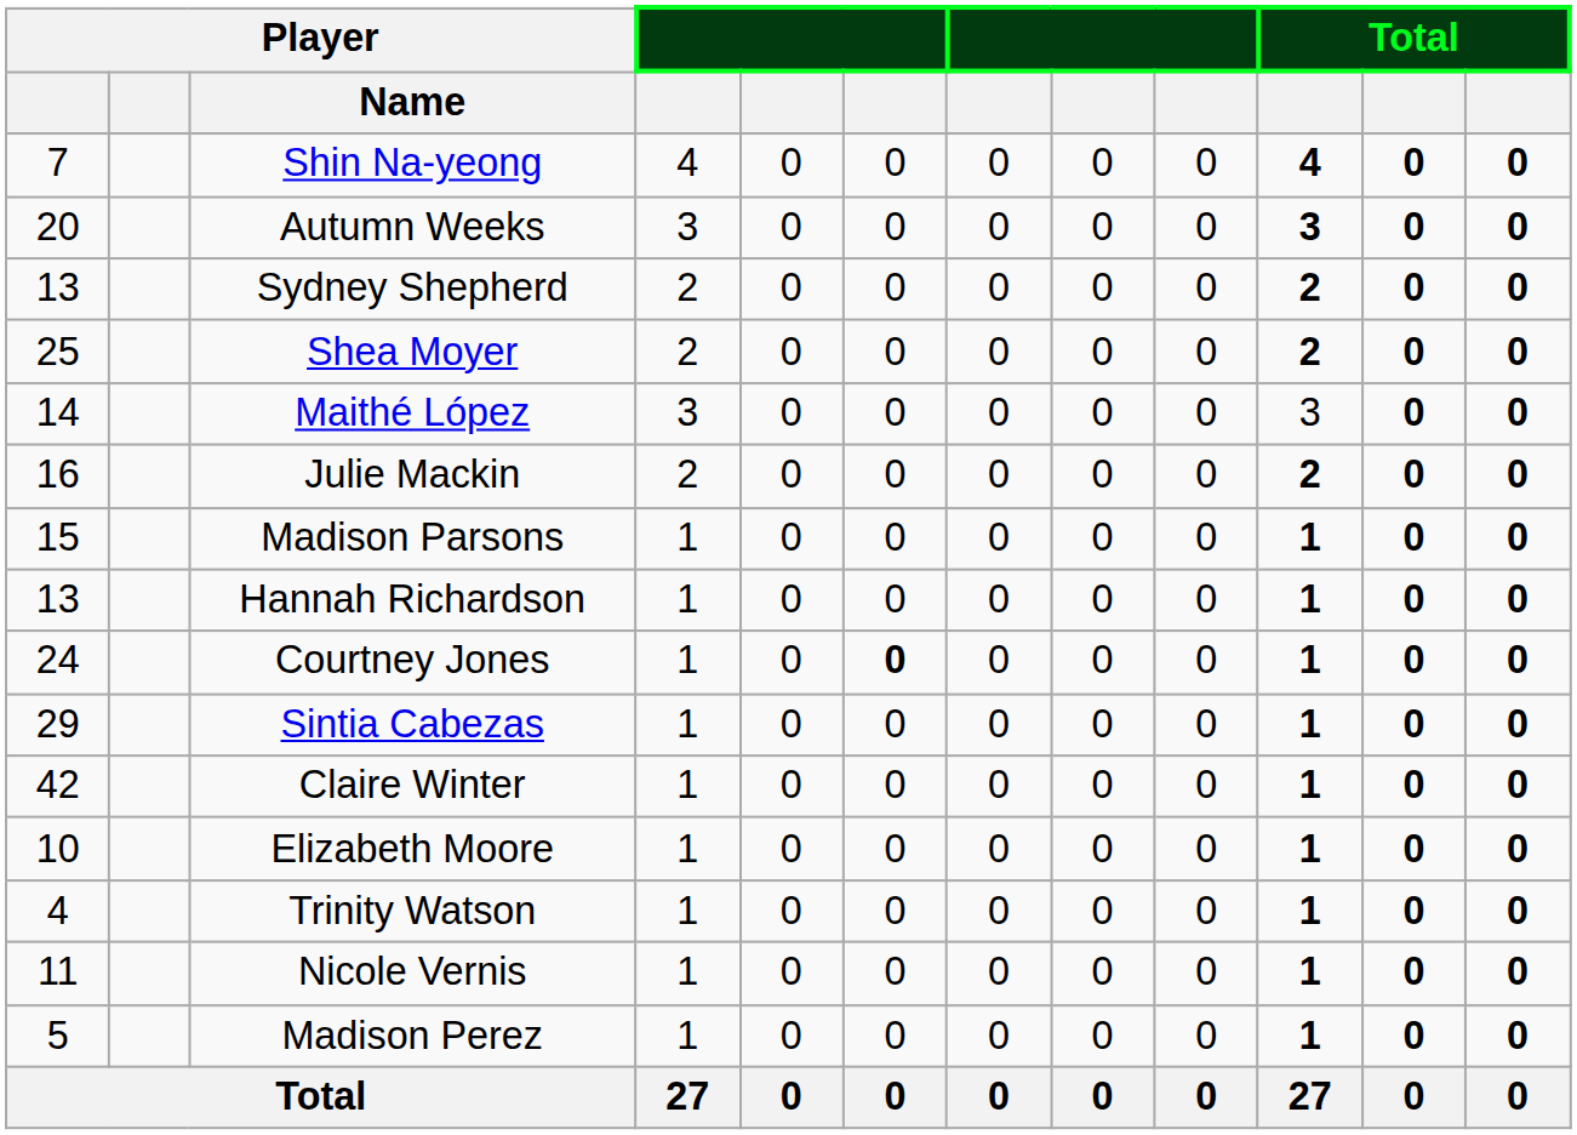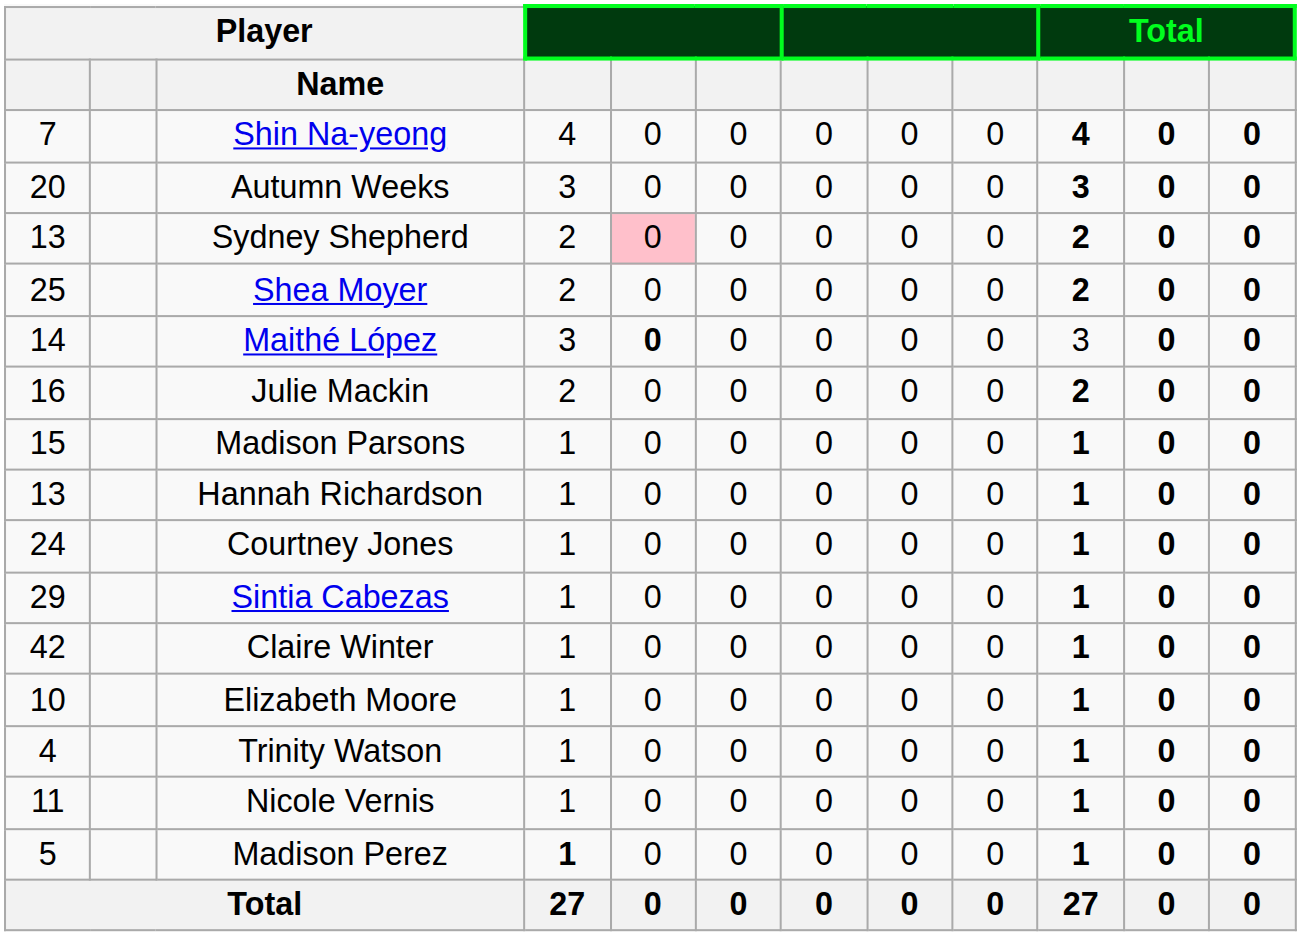 <table class="wikitable sortable" style="text-align:center;">
 <tr>
 <th colspan="3">Player</th>
 <th colspan="3" style="background:#003a0e; color:#00FE1E; border:2px solid #00FE1E; width:75px;" scope="colgroup"></th>
 <th colspan="3" style="background:#003a0e; color:#00FE1E; border:2px solid #00FE1E; width:75px;" scope="colgroup"></th>
 <th colspan="3" style="background:#003a0e; color:#00FE1E; border:2px solid #00FE1E; width:75px;" scope="colgroup">Total</th>
 </tr>
 <tr>
 <th style="width:35px;" scope="col"></th>
 <th style="width:25px;" scope="col"></th>
 <th style="width:175px;" scope="col">Name</th>
 <th style="width:35px;" scope="col"></th>
 <th style="width:35px;" scope="col"></th>
 <th style="width:35px;" scope="col"></th>
 <th style="width:35px;" scope="col"></th>
 <th style="width:35px;" scope="col"></th>
 <th style="width:35px;" scope="col"></th>
 <th style="width:35px;" scope="col"></th>
 <th style="width:35px;" scope="col"></th>
 <th style="width:35px;" scope="col"></th>
 </tr>
 <tr>
 <td>7</td>
 <td></td>
 <td><a href='#'>Shin Na-yeong</a></td>
 <td>4</td>
 <td>0</td>
 <td>0</td>
 <td>0</td>
 <td>0</td>
 <td>0</td>
 <td><strong>4</strong></td>
 <td><strong>0</strong></td>
 <td><strong>0</strong></td>
 </tr>
 <tr>
 <td>20</td>
 <td></td>
 <td>Autumn Weeks</td>
 <td>3</td>
 <td>0</td>
 <td>0</td>
 <td>0</td>
 <td>0</td>
 <td>0</td>
 <td><strong>3</strong></td>
 <td><strong>0</strong></td>
 <td><strong>0</strong></td>
 </tr>
 <tr>
 <td>13</td>
 <td></td>
 <td>Sydney Shepherd</td>
 <td>2</td>
-<td>0</td>
+<td style="background: pink;">0</td>
 <td>0</td>
 <td>0</td>
 <td>0</td>
 <td>0</td>
 <td><strong>2</strong></td>
 <td><strong>0</strong></td>
 <td><strong>0</strong></td>
 </tr>
 <tr>
 <td>25</td>
 <td></td>
 <td><a href='#'>Shea Moyer</a></td>
 <td>2</td>
 <td>0</td>
 <td>0</td>
 <td>0</td>
 <td>0</td>
 <td>0</td>
 <td><strong>2</strong></td>
 <td><strong>0</strong></td>
 <td><strong>0</strong></td>
 </tr>
 <tr>
 <td>14</td>
 <td></td>
 <td><a href='#'>Maithé López</a></td>
 <td>3</td>
-<td>0</td>
+<td><strong>0</strong></td>
 <td>0</td>
 <td>0</td>
 <td>0</td>
 <td>0</td>
 <td>3</td>
 <td><strong>0</strong></td>
 <td><strong>0</strong></td>
 </tr>
 <tr>
 <td>16</td>
 <td></td>
 <td>Julie Mackin</td>
 <td>2</td>
 <td>0</td>
 <td>0</td>
 <td>0</td>
 <td>0</td>
 <td>0</td>
 <td><strong>2</strong></td>
 <td><strong>0</strong></td>
 <td><strong>0</strong></td>
 </tr>
 <tr>
 <td>15</td>
 <td></td>
 <td>Madison Parsons</td>
 <td>1</td>
 <td>0</td>
 <td>0</td>
 <td>0</td>
 <td>0</td>
 <td>0</td>
 <td><strong>1</strong></td>
 <td><strong>0</strong></td>
 <td><strong>0</strong></td>
 </tr>
 <tr>
 <td>13</td>
 <td></td>
 <td>Hannah Richardson</td>
 <td>1</td>
 <td>0</td>
 <td>0</td>
 <td>0</td>
 <td>0</td>
 <td>0</td>
 <td><strong>1</strong></td>
 <td><strong>0</strong></td>
 <td><strong>0</strong></td>
 </tr>
 <tr>
 <td>24</td>
 <td></td>
 <td>Courtney Jones</td>
 <td>1</td>
 <td>0</td>
-<td><strong>0</strong></td>
+<td>0</td>
 <td>0</td>
 <td>0</td>
 <td>0</td>
 <td><strong>1</strong></td>
 <td><strong>0</strong></td>
 <td><strong>0</strong></td>
 </tr>
 <tr>
 <td>29</td>
 <td></td>
 <td><a href='#'>Sintia Cabezas</a></td>
 <td>1</td>
 <td>0</td>
 <td>0</td>
 <td>0</td>
 <td>0</td>
 <td>0</td>
 <td><strong>1</strong></td>
 <td><strong>0</strong></td>
 <td><strong>0</strong></td>
 </tr>
 <tr>
 <td>42</td>
 <td></td>
 <td>Claire Winter</td>
 <td>1</td>
 <td>0</td>
 <td>0</td>
 <td>0</td>
 <td>0</td>
 <td>0</td>
 <td><strong>1</strong></td>
 <td><strong>0</strong></td>
 <td><strong>0</strong></td>
 </tr>
 <tr>
 <td>10</td>
 <td></td>
 <td>Elizabeth Moore</td>
 <td>1</td>
 <td>0</td>
 <td>0</td>
 <td>0</td>
 <td>0</td>
 <td>0</td>
 <td><strong>1</strong></td>
 <td><strong>0</strong></td>
 <td><strong>0</strong></td>
 </tr>
 <tr>
 <td>4</td>
 <td></td>
 <td>Trinity Watson</td>
 <td>1</td>
 <td>0</td>
 <td>0</td>
 <td>0</td>
 <td>0</td>
 <td>0</td>
 <td><strong>1</strong></td>
 <td><strong>0</strong></td>
 <td><strong>0</strong></td>
 </tr>
 <tr>
 <td>11</td>
 <td></td>
 <td>Nicole Vernis</td>
 <td>1</td>
 <td>0</td>
 <td>0</td>
 <td>0</td>
 <td>0</td>
 <td>0</td>
 <td><strong>1</strong></td>
 <td><strong>0</strong></td>
 <td><strong>0</strong></td>
 </tr>
 <tr>
 <td>5</td>
 <td></td>
 <td>Madison Perez</td>
-<td>1</td>
+<td><strong>1</strong></td>
 <td>0</td>
 <td>0</td>
 <td>0</td>
 <td>0</td>
 <td>0</td>
 <td><strong>1</strong></td>
 <td><strong>0</strong></td>
 <td><strong>0</strong></td>
 </tr>
 <tr>
 <th colspan="3">Total</th>
 <th>27</th>
 <th>0</th>
 <th>0</th>
 <th>0</th>
 <th>0</th>
 <th>0</th>
 <th>27</th>
 <th>0</th>
 <th>0</th>
 </tr>
 </table>
